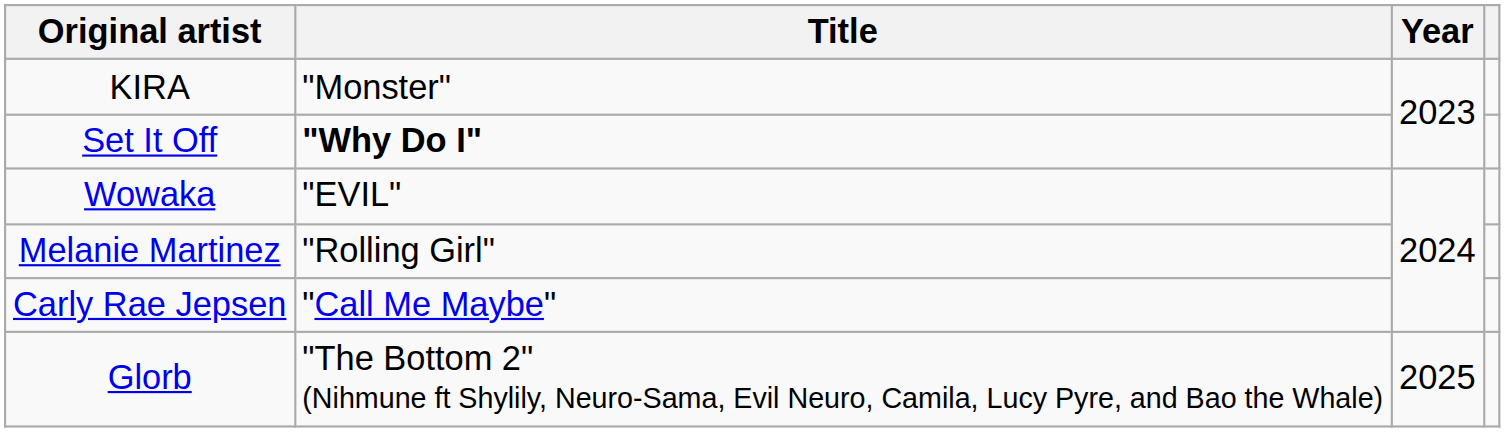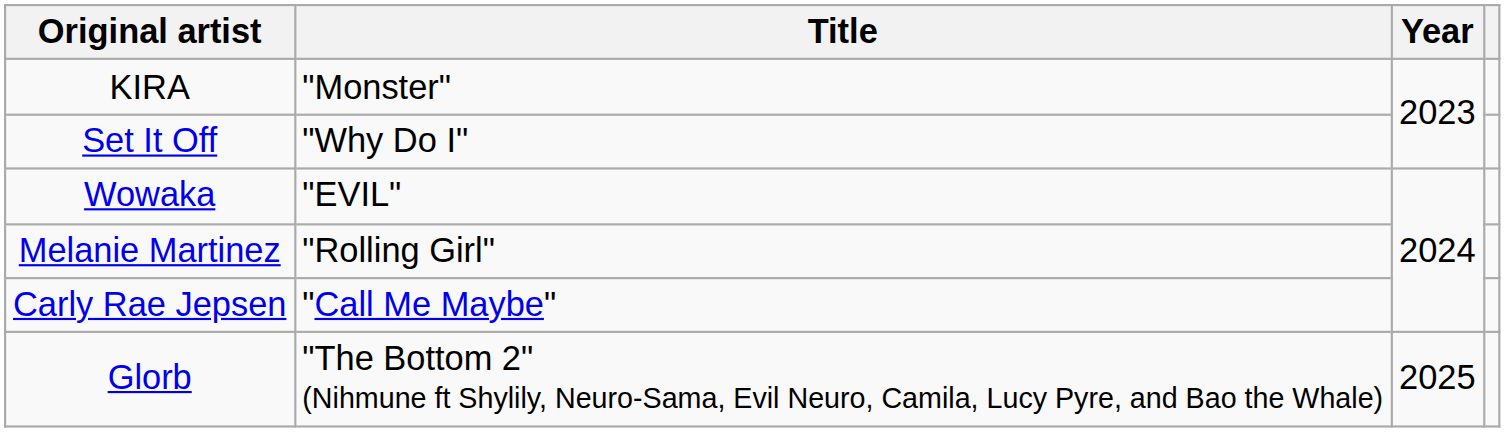 <table class="wikitable sortable" style="text-align:center;">
 <tr>
 <th scope="col">Original artist</th>
 <th scope="col">Title</th>
 <th scope="col">Year</th>
 <th scope="col"></th>
 </tr>
 <tr>
 <td>KIRA <br></td>
 <td scope="row" style="text-align:left;">"Monster"<br></td>
 <td rowspan="2">2023</td>
 <td></td>
 </tr>
 <tr>
 <td><a href='#'>Set It Off</a> <br></td>
-<td scope="row" style="text-align:left;"><strong>"Why Do I"<br></strong></td>
+<td scope="row" style="text-align:left;">"Why Do I"<br></td>
 <td></td>
 </tr>
 <tr>
 <td><a href='#'>Wowaka</a> <br></td>
 <td scope="row" style="text-align:left;">"EVIL"<br></td>
 <td rowspan="3">2024</td>
 <td></td>
 </tr>
 <tr>
 <td><a href='#'>Melanie Martinez</a> <br></td>
 <td scope="row" style="text-align:left;">"Rolling Girl"<br></td>
 <td></td>
 </tr>
 <tr>
 <td><a href='#'>Carly Rae Jepsen</a> <br></td>
 <td scope="row" style="text-align:left;">"<a href='#'>Call Me Maybe</a>"<br></td>
 <td></td>
 </tr>
 <tr>
 <td><a href='#'>Glorb</a> <br></td>
 <td scope="row" style="text-align:left;">"The Bottom 2"<br><small>(Nihmune ft Shylily, Neuro-Sama, Evil Neuro, Camila, Lucy Pyre, and Bao the Whale)</small></td>
 <td>2025</td>
 <td></td>
 </tr>
 </table>
